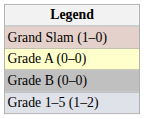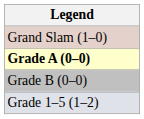 <table class="wikitable">
 <tr>
 <th width=150>Legend</th>
 </tr>
 <tr style="background:#e5d1cb;">
 <td width=150>Grand Slam (1–0)</td>
 </tr>
 <tr style="background:#ffc;">
-<td width=150>Grade A (0–0)</td>
+<td width=150><strong>Grade A (0–0)</strong></td>
 </tr>
 <tr style="background:silver;">
 <td width=150>Grade B (0–0)</td>
 </tr>
 <tr style="background:#dfe2e9;">
 <td width=150>Grade 1–5 (1–2)</td>
 </tr>
 </table>
